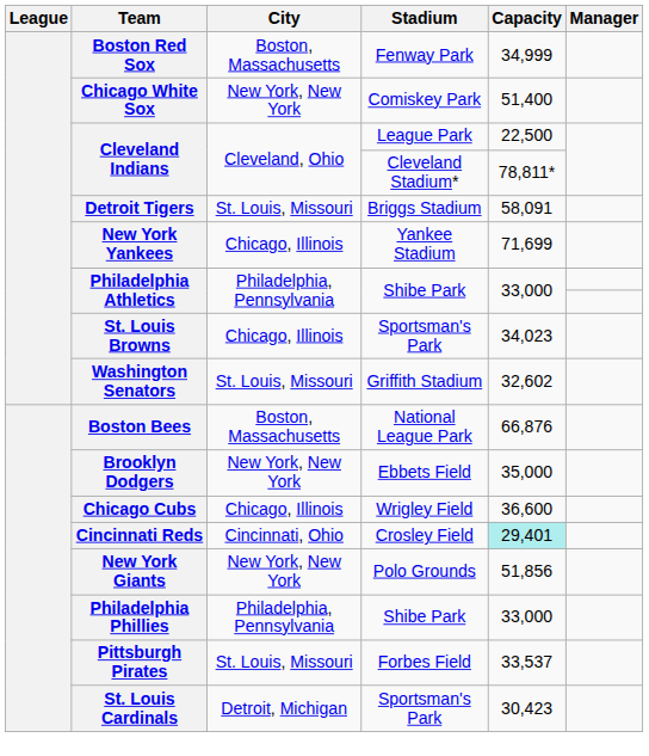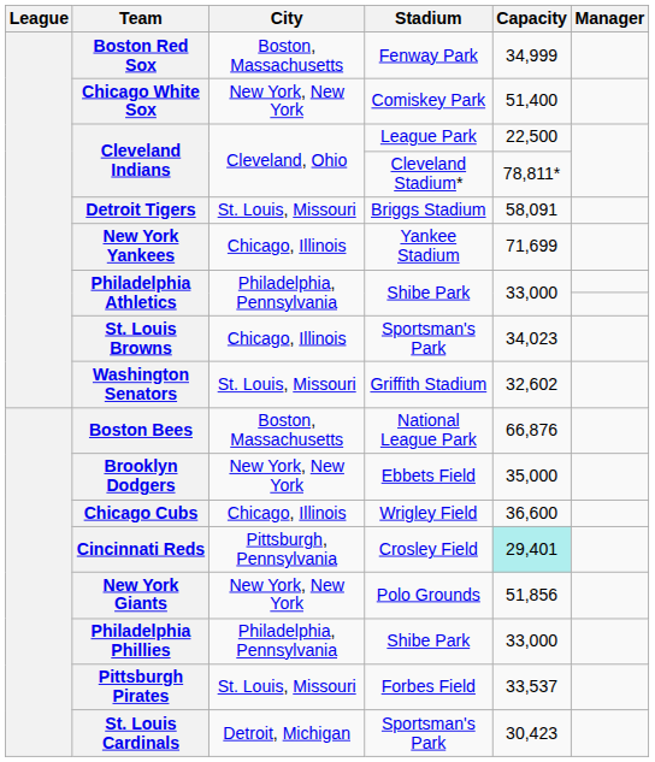 <table class="wikitable sortable plainrowheaders" style="text-align:center;">
 <tr>
 <th scope="col">League</th>
 <th scope="col">Team</th>
 <th scope="col">City</th>
 <th scope="col">Stadium</th>
 <th scope="col">Capacity</th>
 <th scope="col">Manager</th>
 </tr>
 <tr>
 <th rowspan="10"></th>
 <th scope="row"><a href='#'>Boston Red Sox</a></th>
 <td><a href='#'>Boston</a>, <a href='#'>Massachusetts</a></td>
 <td><a href='#'>Fenway Park</a></td>
 <td>34,999</td>
 <td></td>
 </tr>
 <tr>
 <th scope="row"><a href='#'>Chicago White Sox</a></th>
 <td><a href='#'>New York</a>, <a href='#'>New York</a></td>
 <td><a href='#'>Comiskey Park</a></td>
 <td>51,400</td>
 <td></td>
 </tr>
 <tr>
 <th rowspan="2" scope="row"><a href='#'>Cleveland Indians</a></th>
 <td rowspan="2"><a href='#'>Cleveland</a>, <a href='#'>Ohio</a></td>
 <td><a href='#'>League Park</a></td>
 <td>22,500</td>
 <td rowspan="2"></td>
 </tr>
 <tr>
 <td><a href='#'>Cleveland Stadium</a>*</td>
 <td>78,811*</td>
 </tr>
 <tr>
 <th scope="row"><a href='#'>Detroit Tigers</a></th>
 <td><a href='#'>St. Louis</a>, <a href='#'>Missouri</a></td>
 <td><a href='#'>Briggs Stadium</a></td>
 <td>58,091</td>
 <td></td>
 </tr>
 <tr>
 <th scope="row"><a href='#'>New York Yankees</a></th>
 <td><a href='#'>Chicago</a>, <a href='#'>Illinois</a></td>
 <td><a href='#'>Yankee Stadium</a></td>
 <td>71,699</td>
 <td></td>
 </tr>
 <tr>
 <th rowspan="2" scope="row"><a href='#'>Philadelphia Athletics</a></th>
 <td rowspan="2"><a href='#'>Philadelphia</a>, <a href='#'>Pennsylvania</a></td>
 <td rowspan="2"><a href='#'>Shibe Park</a></td>
 <td rowspan="2">33,000</td>
 <td></td>
 </tr>
 <tr>
 <td></td>
 </tr>
 <tr>
 <th scope="row"><a href='#'>St. Louis Browns</a></th>
 <td><a href='#'>Chicago</a>, <a href='#'>Illinois</a></td>
 <td><a href='#'>Sportsman's Park</a></td>
 <td>34,023</td>
 <td></td>
 </tr>
 <tr>
 <th scope="row"><a href='#'>Washington Senators</a></th>
 <td><a href='#'>St. Louis</a>, <a href='#'>Missouri</a></td>
 <td><a href='#'>Griffith Stadium</a></td>
 <td>32,602</td>
 <td></td>
 </tr>
 <tr>
 <th rowspan="8"></th>
 <th scope="row"><a href='#'>Boston Bees</a></th>
 <td><a href='#'>Boston</a>, <a href='#'>Massachusetts</a></td>
 <td><a href='#'>National League Park</a></td>
 <td>66,876</td>
 <td></td>
 </tr>
 <tr>
 <th scope="row"><a href='#'>Brooklyn Dodgers</a></th>
 <td><a href='#'>New York</a>, <a href='#'>New York</a></td>
 <td><a href='#'>Ebbets Field</a></td>
 <td>35,000</td>
 <td></td>
 </tr>
 <tr>
 <th scope="row"><a href='#'>Chicago Cubs</a></th>
 <td><a href='#'>Chicago</a>, <a href='#'>Illinois</a></td>
 <td><a href='#'>Wrigley Field</a></td>
 <td>36,600</td>
 <td></td>
 </tr>
 <tr>
 <th scope="row"><a href='#'>Cincinnati Reds</a></th>
-<td><a href='#'>Cincinnati</a>, <a href='#'>Ohio</a></td>
+<td><a href='#'>Pittsburgh</a>, <a href='#'>Pennsylvania</a></td>
 <td><a href='#'>Crosley Field</a></td>
 <td style="background: paleturquoise;">29,401</td>
 <td></td>
 </tr>
 <tr>
 <th scope="row"><a href='#'>New York Giants</a></th>
 <td><a href='#'>New York</a>, <a href='#'>New York</a></td>
 <td><a href='#'>Polo Grounds</a></td>
 <td>51,856</td>
 <td></td>
 </tr>
 <tr>
 <th scope="row"><a href='#'>Philadelphia Phillies</a></th>
 <td><a href='#'>Philadelphia</a>, <a href='#'>Pennsylvania</a></td>
 <td><a href='#'>Shibe Park</a></td>
 <td>33,000</td>
 <td></td>
 </tr>
 <tr>
 <th scope="row"><a href='#'>Pittsburgh Pirates</a></th>
 <td><a href='#'>St. Louis</a>, <a href='#'>Missouri</a></td>
 <td><a href='#'>Forbes Field</a></td>
 <td>33,537</td>
 <td></td>
 </tr>
 <tr>
 <th scope="row"><a href='#'>St. Louis Cardinals</a></th>
 <td><a href='#'>Detroit</a>, <a href='#'>Michigan</a></td>
 <td><a href='#'>Sportsman's Park</a></td>
 <td>30,423</td>
 <td></td>
 </tr>
 </table>
